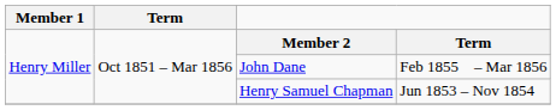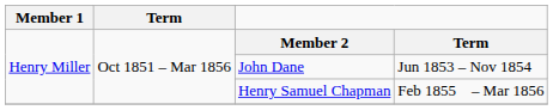 <table class="wikitable">
 <tr>
 <th>Member 1</th>
 <th>Term</th>
 </tr>
 <tr>
 <td rowspan = "3"><a href='#'>Henry Miller</a></td>
 <td rowspan = "3">Oct 1851 – Mar 1856</td>
 <th>Member 2</th>
 <th>Term</th>
 </tr>
 <tr>
 <td><a href='#'>John Dane</a></td>
-<td>Feb 1855    – Mar 1856</td>
+<td>Jun 1853 – Nov 1854</td>
 </tr>
 <tr>
 <td><a href='#'>Henry Samuel Chapman</a></td>
-<td>Jun 1853 – Nov 1854</td>
+<td>Feb 1855    – Mar 1856</td>
 </tr>
 <tr>
 </tr>
 </table>
